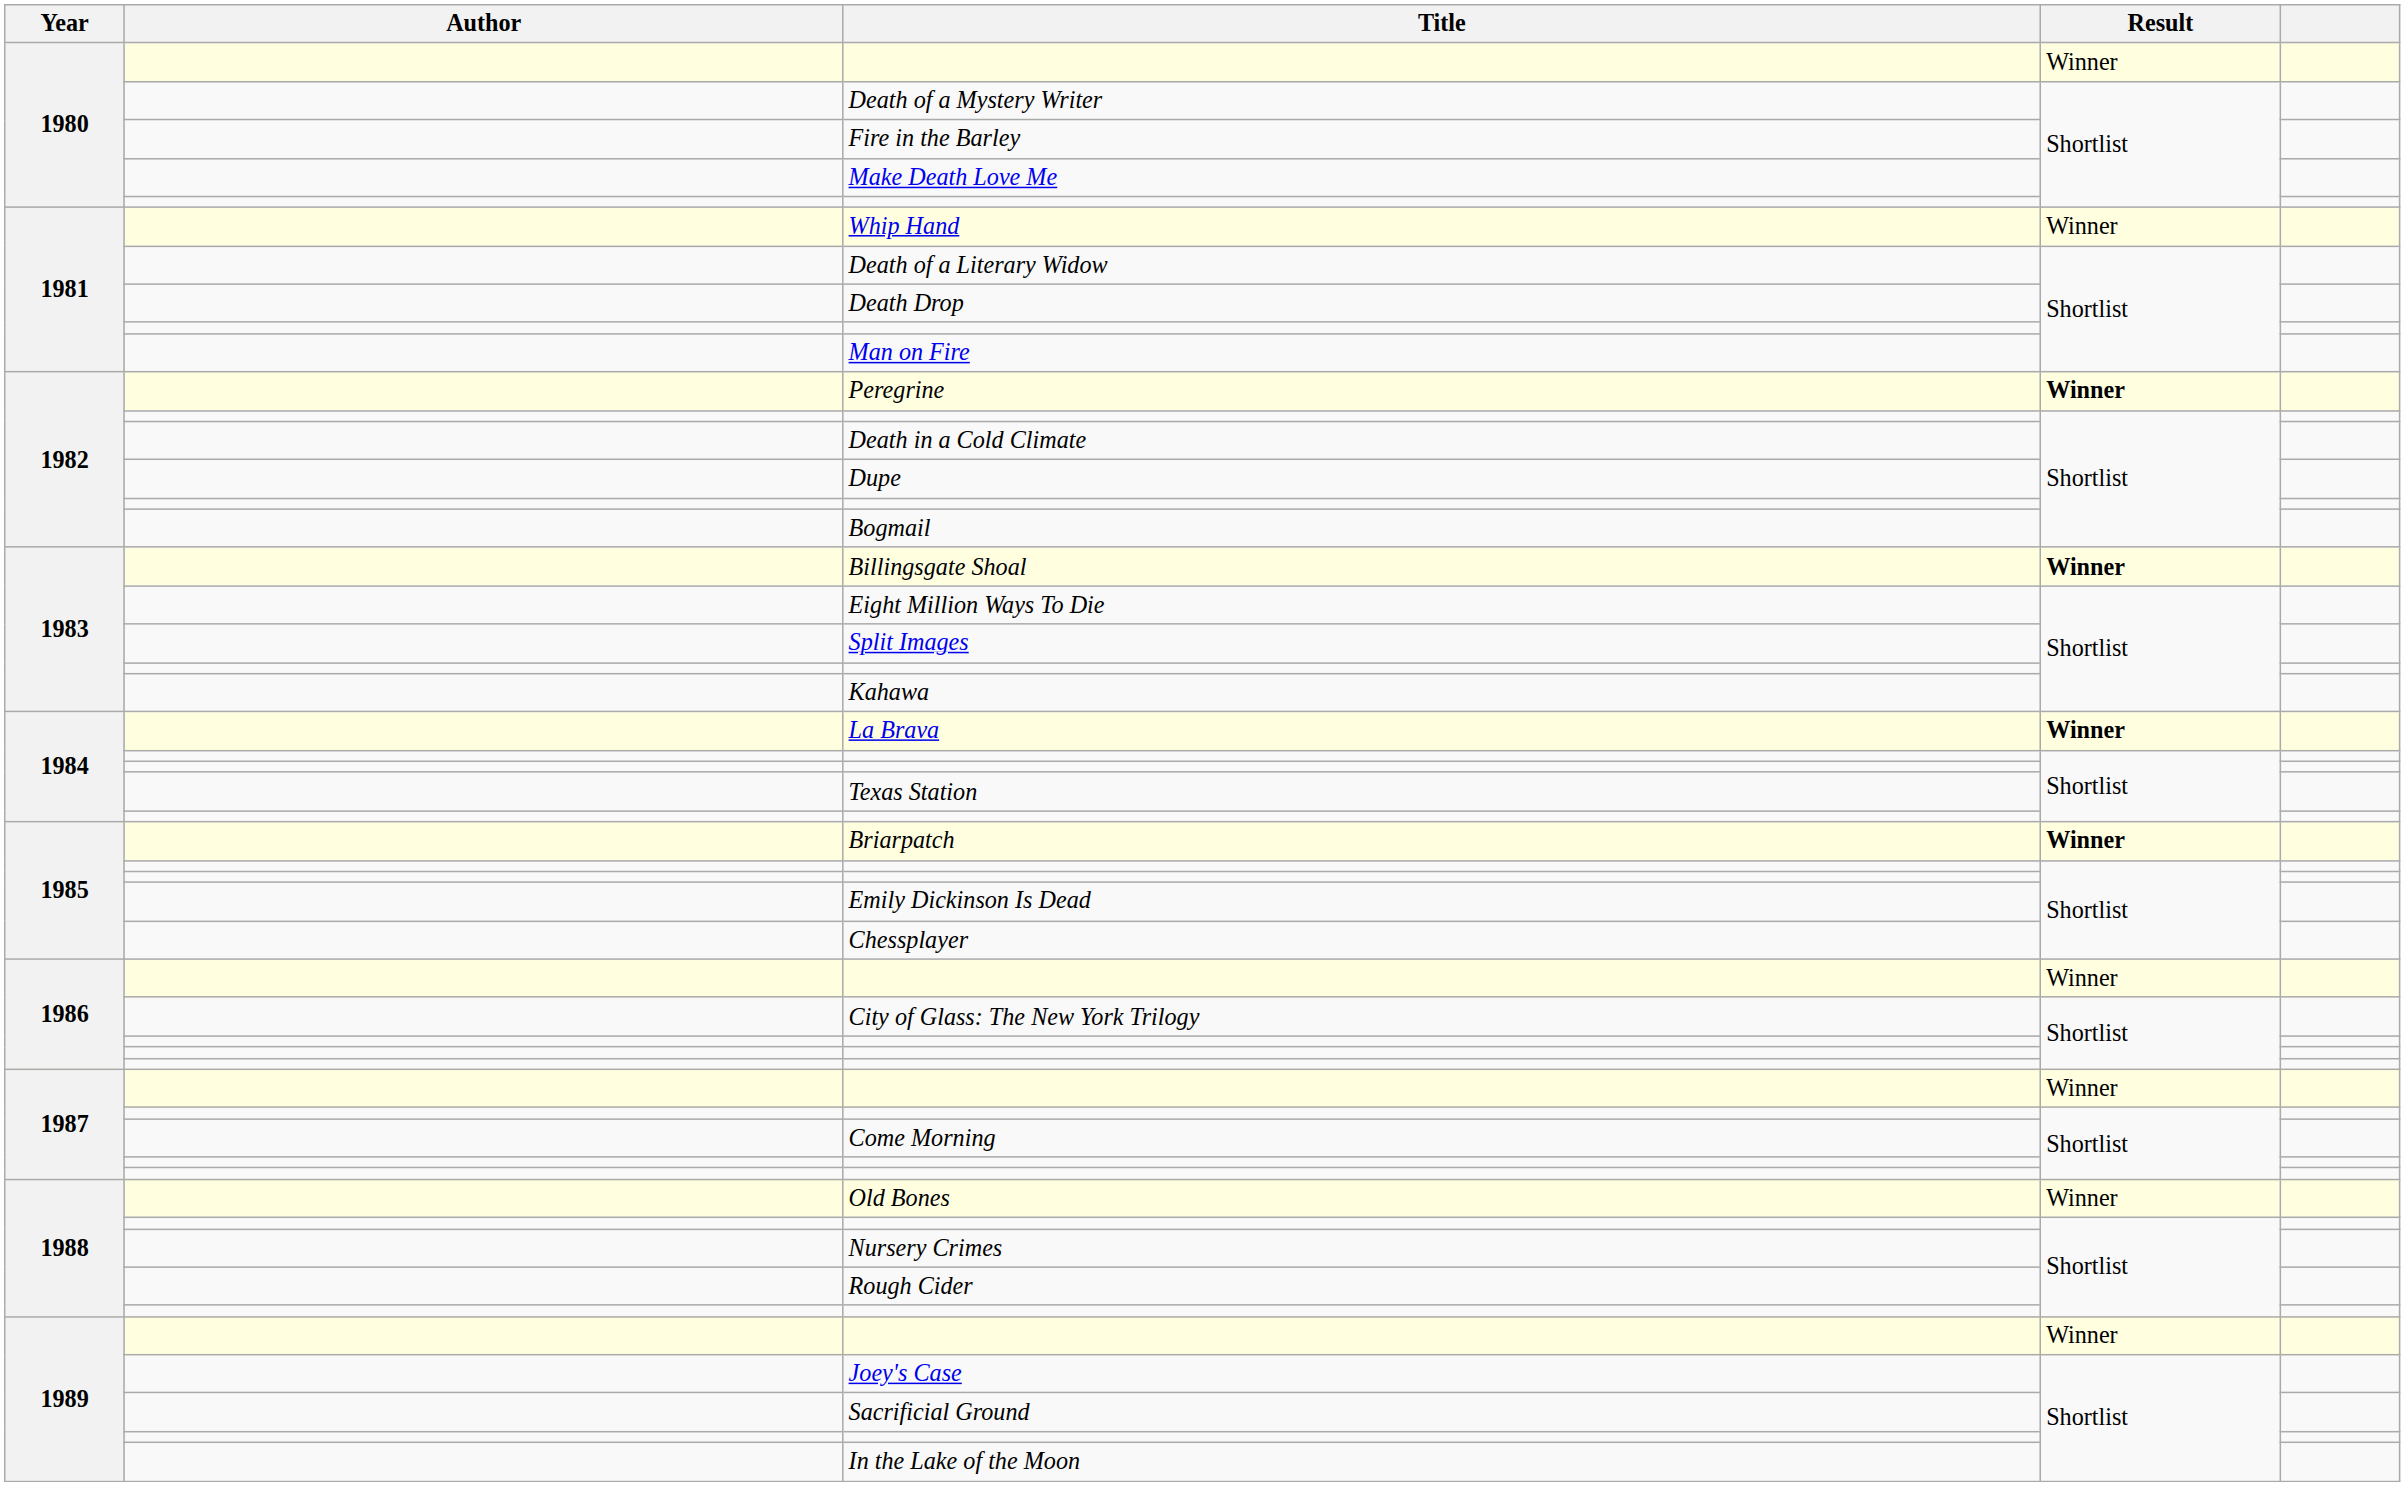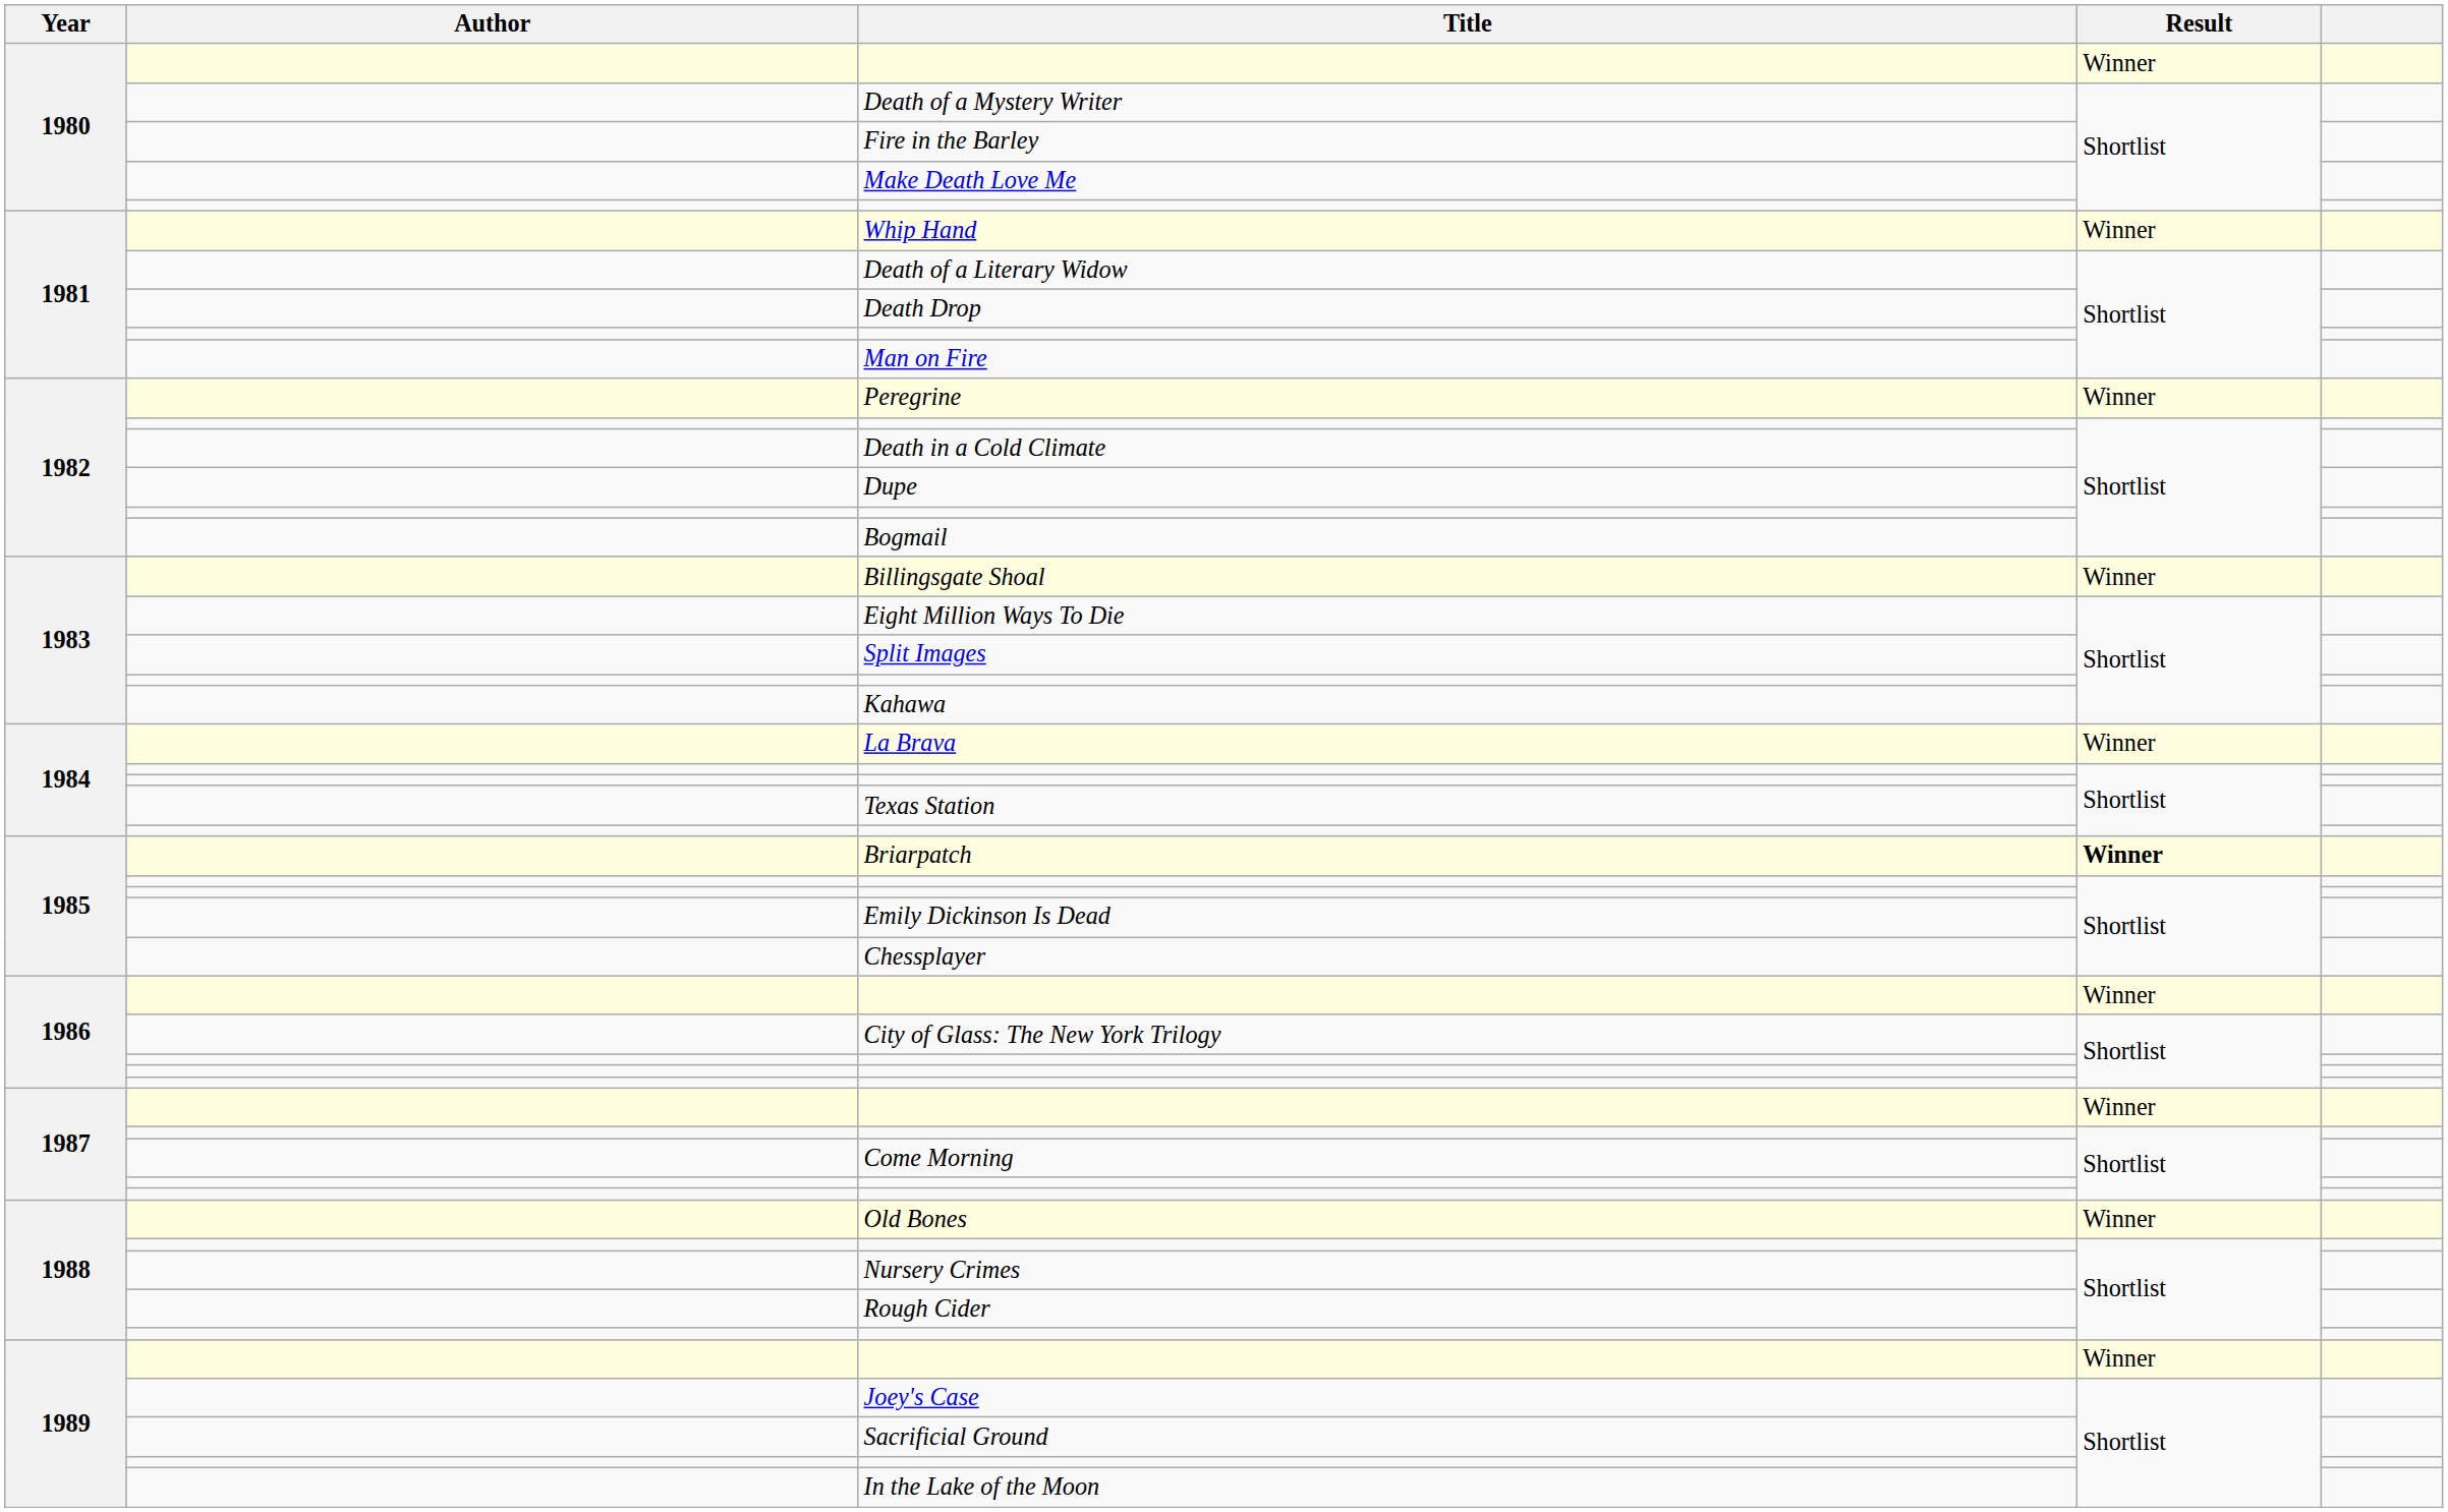 <table class="wikitable sortable mw-collapsible" style="width:80%">
 <tr>
 <th scope="col" width="5%">Year</th>
 <th scope="col" width="30%">Author</th>
 <th scope="col" width="50%">Title</th>
 <th scope="col" width="10%">Result</th>
 <th scope="col" width="5%"></th>
 </tr>
 <tr style="background:lightyellow;">
 <th rowspan="5">1980</th>
 <td></td>
 <td><em></em></td>
 <td>Winner</td>
 <td></td>
 </tr>
 <tr>
 <td></td>
 <td><em>Death of a Mystery Writer</em></td>
 <td rowspan="4">Shortlist</td>
 <td></td>
 </tr>
 <tr>
 <td></td>
 <td><em>Fire in the Barley</em></td>
 <td></td>
 </tr>
 <tr>
 <td></td>
 <td><em><a href='#'>Make Death Love Me</a></em></td>
 <td></td>
 </tr>
 <tr>
 <td></td>
 <td><em></em></td>
 <td></td>
 </tr>
 <tr style="background:lightyellow;">
 <th rowspan="5">1981</th>
 <td></td>
 <td><em><a href='#'>Whip Hand</a></em></td>
 <td>Winner</td>
 <td></td>
 </tr>
 <tr>
 <td></td>
 <td><em>Death of a Literary Widow</em></td>
 <td rowspan="4">Shortlist</td>
 <td></td>
 </tr>
 <tr>
 <td></td>
 <td><em>Death Drop</em></td>
 <td></td>
 </tr>
 <tr>
 <td></td>
 <td><em></em></td>
 <td></td>
 </tr>
 <tr>
 <td></td>
 <td><em><a href='#'>Man on Fire</a></em></td>
 <td></td>
 </tr>
 <tr style="background:lightyellow;">
 <th rowspan="6">1982</th>
 <td></td>
 <td><em>Peregrine</em></td>
-<td><strong>Winner</strong></td>
+<td>Winner</td>
 <td></td>
 </tr>
 <tr>
 <td></td>
 <td><em></em></td>
 <td rowspan="5">Shortlist</td>
 <td></td>
 </tr>
 <tr>
 <td></td>
 <td><em>Death in a Cold Climate</em></td>
 <td></td>
 </tr>
 <tr>
 <td></td>
 <td><em>Dupe</em></td>
 <td></td>
 </tr>
 <tr>
 <td></td>
 <td><em></em></td>
 <td></td>
 </tr>
 <tr>
 <td></td>
 <td><em>Bogmail</em></td>
 <td></td>
 </tr>
 <tr style="background:lightyellow;">
 <th rowspan="5">1983</th>
 <td></td>
 <td><em>Billingsgate Shoal</em></td>
-<td><strong>Winner</strong></td>
+<td>Winner</td>
 <td></td>
 </tr>
 <tr>
 <td></td>
 <td><em>Eight Million Ways To Die</em></td>
 <td rowspan="4">Shortlist</td>
 <td></td>
 </tr>
 <tr>
 <td></td>
 <td><em><a href='#'>Split Images</a></em></td>
 <td></td>
 </tr>
 <tr>
 <td></td>
 <td><em></em></td>
 <td></td>
 </tr>
 <tr>
 <td></td>
 <td><em>Kahawa</em></td>
 <td></td>
 </tr>
 <tr style="background:lightyellow;">
 <th rowspan="5">1984</th>
 <td></td>
 <td><em><a href='#'>La Brava</a></em></td>
-<td><strong>Winner</strong></td>
+<td>Winner</td>
 <td></td>
 </tr>
 <tr>
 <td></td>
 <td><em></em></td>
 <td rowspan="4">Shortlist</td>
 <td></td>
 </tr>
 <tr>
 <td></td>
 <td><em></em></td>
 <td></td>
 </tr>
 <tr>
 <td></td>
 <td><em>Texas Station</em></td>
 <td></td>
 </tr>
 <tr>
 <td></td>
 <td><em></em></td>
 <td></td>
 </tr>
 <tr style="background:lightyellow;">
 <th rowspan="5">1985</th>
 <td></td>
 <td><em>Briarpatch</em></td>
 <td><strong>Winner</strong></td>
 <td></td>
 </tr>
 <tr>
 <td></td>
 <td><em></em></td>
 <td rowspan="4">Shortlist</td>
 <td></td>
 </tr>
 <tr>
 <td></td>
 <td><em></em></td>
 <td></td>
 </tr>
 <tr>
 <td></td>
 <td><em>Emily Dickinson Is Dead</em></td>
 <td></td>
 </tr>
 <tr>
 <td></td>
 <td><em>Chessplayer</em></td>
 <td></td>
 </tr>
 <tr style="background:lightyellow;">
 <th rowspan="5">1986</th>
 <td></td>
 <td><em></em></td>
 <td>Winner</td>
 <td></td>
 </tr>
 <tr>
 <td></td>
 <td><em>City of Glass: The New York Trilogy</em></td>
 <td rowspan="4">Shortlist</td>
 <td></td>
 </tr>
 <tr>
 <td></td>
 <td><em></em></td>
 <td></td>
 </tr>
 <tr>
 <td></td>
 <td><em></em></td>
 <td></td>
 </tr>
 <tr>
 <td></td>
 <td><em></em></td>
 <td></td>
 </tr>
 <tr style="background:lightyellow;">
 <th rowspan="5">1987</th>
 <td></td>
 <td><em></em></td>
 <td>Winner</td>
 <td></td>
 </tr>
 <tr>
 <td></td>
 <td><em></em></td>
 <td rowspan="4">Shortlist</td>
 <td></td>
 </tr>
 <tr>
 <td></td>
 <td><em>Come Morning</em></td>
 <td></td>
 </tr>
 <tr>
 <td></td>
 <td><em></em></td>
 <td></td>
 </tr>
 <tr>
 <td></td>
 <td><em></em></td>
 <td></td>
 </tr>
 <tr style="background:lightyellow;">
 <th rowspan="5">1988</th>
 <td></td>
 <td><em>Old Bones</em></td>
 <td>Winner</td>
 <td></td>
 </tr>
 <tr>
 <td></td>
 <td><em></em></td>
 <td rowspan="4">Shortlist</td>
 <td></td>
 </tr>
 <tr>
 <td></td>
 <td><em>Nursery Crimes</em></td>
 <td></td>
 </tr>
 <tr>
 <td></td>
 <td><em>Rough Cider</em></td>
 <td></td>
 </tr>
 <tr>
 <td></td>
 <td><em></em></td>
 <td></td>
 </tr>
 <tr style="background:lightyellow;">
 <th rowspan="5">1989</th>
 <td></td>
 <td><em></em></td>
 <td>Winner</td>
 <td></td>
 </tr>
 <tr>
 <td></td>
 <td><em><a href='#'>Joey's Case</a></em></td>
 <td rowspan="4">Shortlist</td>
 <td></td>
 </tr>
 <tr>
 <td></td>
 <td><em>Sacrificial Ground</em></td>
 <td></td>
 </tr>
 <tr>
 <td></td>
 <td><em></em></td>
 <td></td>
 </tr>
 <tr>
 <td></td>
 <td><em>In the Lake of the Moon</em></td>
 <td></td>
 </tr>
 </table>
